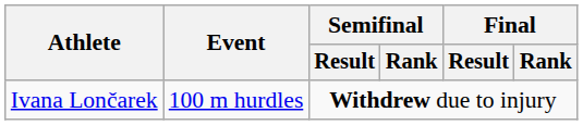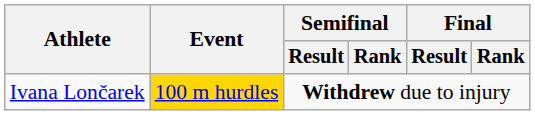 <table class="wikitable" style="font-size:90%">
 <tr>
 <th rowspan="2">Athlete</th>
 <th rowspan="2">Event</th>
 <th colspan="2">Semifinal</th>
 <th colspan="2">Final</th>
 </tr>
 <tr style="font-size:95%">
 <th>Result</th>
 <th>Rank</th>
 <th>Result</th>
 <th>Rank</th>
 </tr>
 <tr align=center>
 <td align=left><a href='#'>Ivana Lončarek</a></td>
-<td align=left><a href='#'>100 m hurdles</a></td>
+<td align=left style="background: gold;"><a href='#'>100 m hurdles</a></td>
 <td colspan=4><strong>Withdrew</strong> due to injury</td>
 </tr>
 </table>
